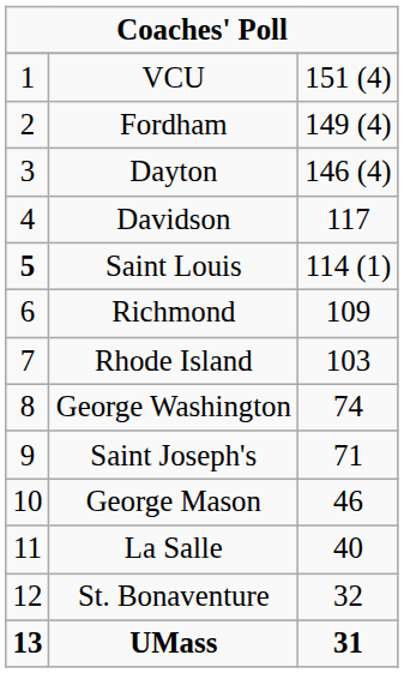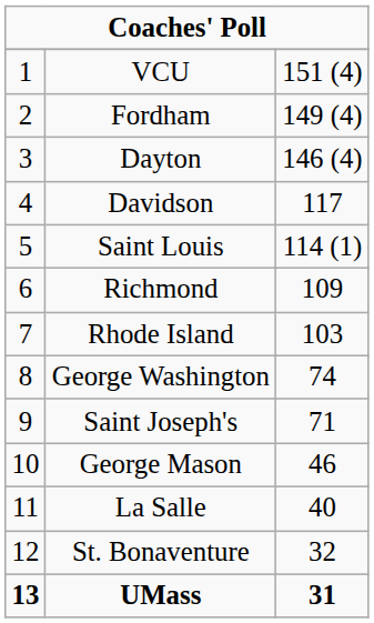 <table class="wikitable" style="display: inline-table;">
 <tr>
 <td align="center" Colspan="3"><strong>Coaches' Poll</strong></td>
 </tr>
 <tr align="center">
 </tr>
 <tr align="center">
 <td>1</td>
 <td>VCU</td>
 <td>151 (4)</td>
 </tr>
 <tr align="center">
 <td>2</td>
 <td>Fordham</td>
 <td>149 (4)</td>
 </tr>
 <tr align="center">
 <td>3</td>
 <td>Dayton</td>
 <td>146 (4)</td>
 </tr>
 <tr align="center">
 <td>4</td>
 <td>Davidson</td>
 <td>117</td>
 </tr>
 <tr align="center">
-<td><strong>5</strong></td>
+<td>5</td>
 <td>Saint Louis</td>
 <td>114 (1)</td>
 </tr>
 <tr align="center">
 <td>6</td>
 <td>Richmond</td>
 <td>109</td>
 </tr>
 <tr align="center">
 <td>7</td>
 <td>Rhode Island</td>
 <td>103</td>
 </tr>
 <tr align="center">
 <td>8</td>
 <td>George Washington</td>
 <td>74</td>
 </tr>
 <tr align="center">
 <td>9</td>
 <td>Saint Joseph's</td>
 <td>71</td>
 </tr>
 <tr align="center">
 <td>10</td>
 <td>George Mason</td>
 <td>46</td>
 </tr>
 <tr align="center">
 <td>11</td>
 <td>La Salle</td>
 <td>40</td>
 </tr>
 <tr align="center">
 <td>12</td>
 <td>St. Bonaventure</td>
 <td>32</td>
 </tr>
 <tr align="center">
 <td><strong>13</strong></td>
 <td><strong>UMass</strong></td>
 <td><strong>31</strong></td>
 </tr>
 </table>
